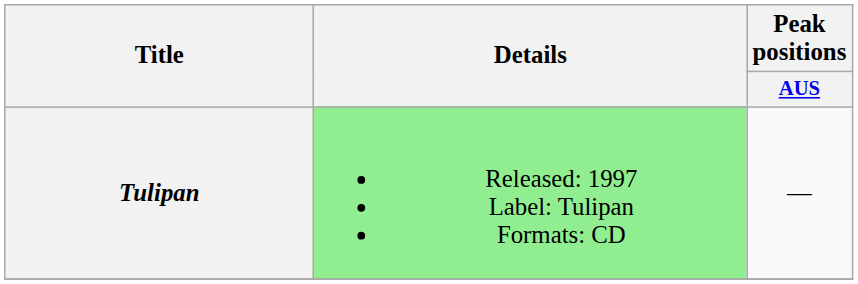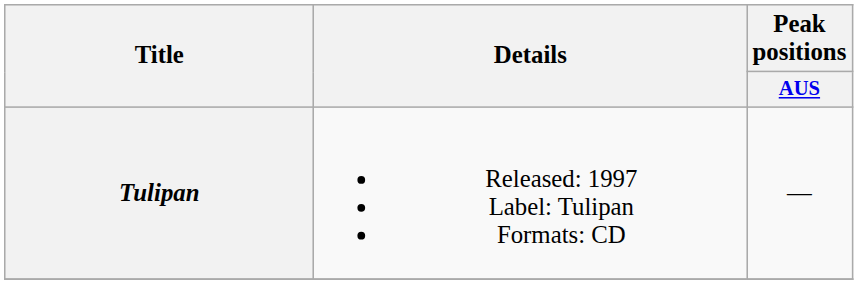 <table class="wikitable plainrowheaders" style="text-align:center;">
 <tr>
 <th rowspan="2" style="width:12em;">Title</th>
 <th rowspan="2" style="width:17em;">Details</th>
 <th colspan="1">Peak positions</th>
 </tr>
 <tr style="font-size:smaller;">
 <th width="50"><a href='#'>AUS</a><br></th>
 </tr>
 <tr>
 <th scope="row"><em>Tulipan</em></th>
-<td style="background: lightgreen;"><br><ul><li>Released: 1997</li><li>Label: Tulipan</li><li>Formats: CD</li></ul></td>
+<td><br><ul><li>Released: 1997</li><li>Label: Tulipan</li><li>Formats: CD</li></ul></td>
 <td>—</td>
 </tr>
 <tr>
 </tr>
 </table>
